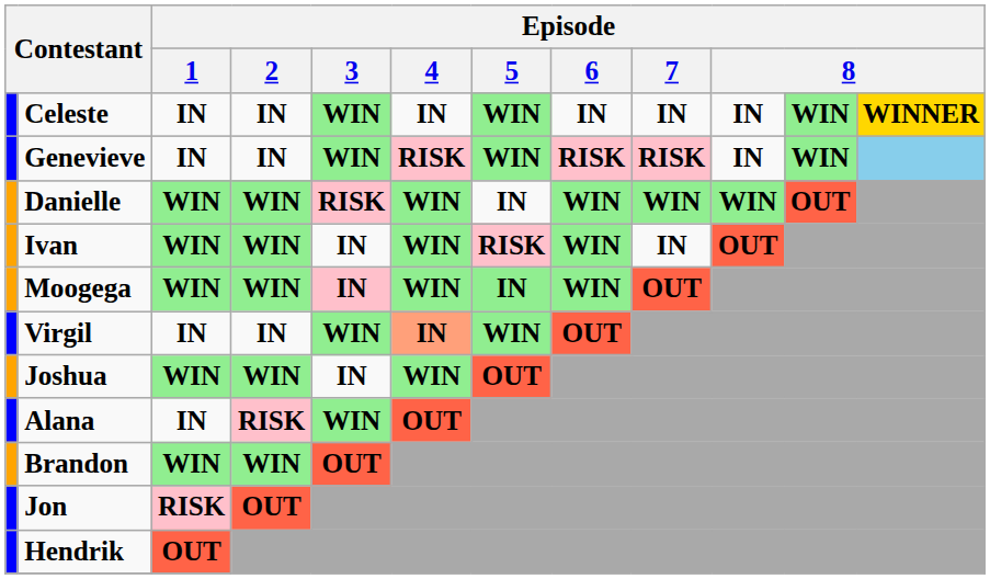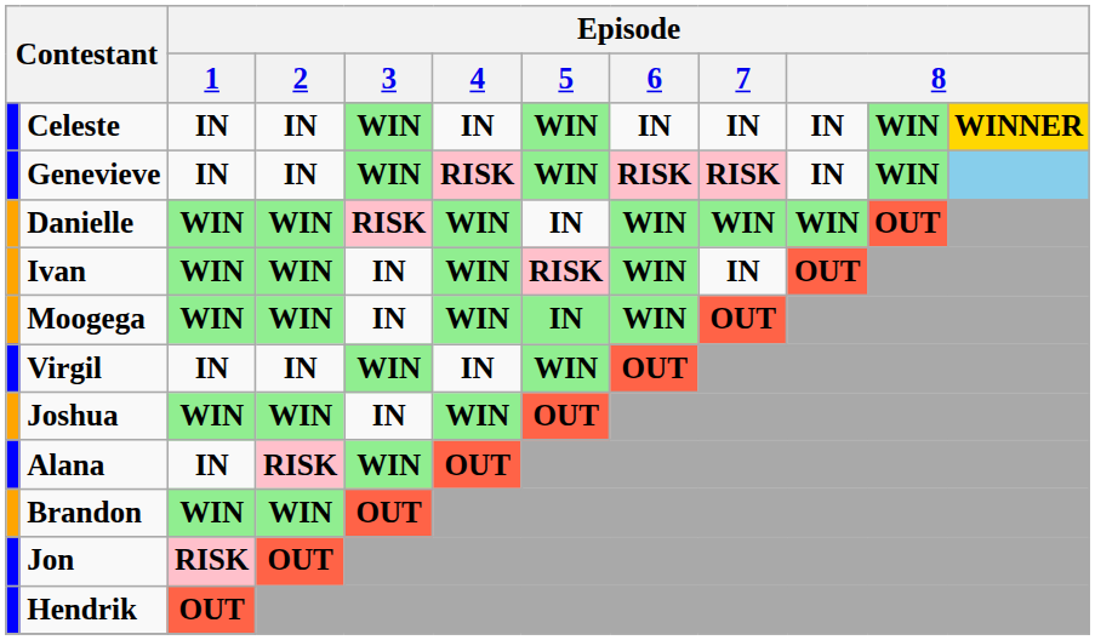 <table class="wikitable" style="text-align:center">
 <tr>
 <th rowspan=2 colspan=2>Contestant</th>
 <th colspan=11>Episode</th>
 </tr>
 <tr>
 <th colspan=1><a href='#'>1</a></th>
 <th><a href='#'>2</a></th>
 <th><a href='#'>3</a></th>
 <th><a href='#'>4</a></th>
 <th><a href='#'>5</a></th>
 <th><a href='#'>6</a></th>
 <th><a href='#'>7</a></th>
 <th colspan=3><a href='#'>8</a></th>
 </tr>
 <tr>
 <td style= "background:blue;"></td>
 <td align="left"><strong>Celeste</strong></td>
 <td><strong>IN</strong></td>
 <td><strong>IN</strong></td>
 <td style="background:lightgreen;"><strong>WIN</strong></td>
 <td><strong>IN</strong></td>
 <td style="background:lightgreen;"><strong>WIN</strong></td>
 <td><strong>IN</strong></td>
 <td><strong>IN</strong></td>
 <td><strong>IN</strong></td>
 <td style="background:lightgreen;"><strong>WIN</strong></td>
 <td style="background:gold;"><strong>WINNER</strong></td>
 </tr>
 <tr>
 <td style= "background:blue;"></td>
 <td align="left"><strong>Genevieve</strong></td>
 <td><strong>IN</strong></td>
 <td><strong>IN</strong></td>
 <td style="background:lightgreen;"><strong>WIN</strong></td>
 <td style="background:pink;"><strong>RISK</strong></td>
 <td style="background:lightgreen;"><strong>WIN</strong></td>
 <td style="background:pink;"><strong>RISK</strong></td>
 <td style="background:pink;"><strong>RISK</strong></td>
 <td><strong>IN</strong></td>
 <td style="background:lightgreen;"><strong>WIN</strong></td>
 <td style="background:skyblue;"></td>
 </tr>
 <tr>
 <td style= "background:orange;"></td>
 <td align="left"><strong>Danielle</strong></td>
 <td style="background:lightgreen;"><strong>WIN</strong></td>
 <td style="background:lightgreen;"><strong>WIN</strong></td>
 <td style="background:pink;"><strong>RISK</strong></td>
 <td style="background:lightgreen;"><strong>WIN</strong></td>
 <td><strong>IN</strong></td>
 <td style="background:lightgreen;"><strong>WIN</strong></td>
 <td style="background:lightgreen;"><strong>WIN</strong></td>
 <td style="background:lightgreen;"><strong>WIN</strong></td>
 <td style="background:tomato;"><strong>OUT</strong></td>
 <td style="background:darkgrey;"></td>
 </tr>
 <tr>
 <td style= "background:orange;"></td>
 <td align="left"><strong>Ivan</strong></td>
 <td style="background:lightgreen;"><strong>WIN</strong></td>
 <td style="background:lightgreen;"><strong>WIN</strong></td>
 <td><strong>IN</strong></td>
 <td style="background:lightgreen;"><strong>WIN</strong></td>
 <td style="background:pink;"><strong>RISK</strong></td>
 <td style="background:lightgreen;"><strong>WIN</strong></td>
 <td><strong>IN</strong></td>
 <td style="background:tomato;"><strong>OUT</strong></td>
 <td style="background:darkgrey;" colspan="2"></td>
 </tr>
 <tr>
 <td style= "background:orange;"></td>
 <td align="left"><strong>Moogega</strong></td>
 <td style="background:lightgreen;"><strong>WIN</strong></td>
 <td style="background:lightgreen;"><strong>WIN</strong></td>
-<td style="background: pink;"><strong>IN</strong></td>
+<td><strong>IN</strong></td>
 <td style="background:lightgreen;"><strong>WIN</strong></td>
 <td style="background: lightgreen;"><strong>IN</strong></td>
 <td style="background:lightgreen;"><strong>WIN</strong></td>
 <td style="background:tomato;"><strong>OUT</strong></td>
 <td style="background:darkgrey;" colspan="3"></td>
 </tr>
 <tr>
 <td style= "background:blue;"></td>
 <td align="left"><strong>Virgil</strong></td>
 <td><strong>IN</strong></td>
 <td><strong>IN</strong></td>
 <td style="background:lightgreen;"><strong>WIN</strong></td>
-<td style="background: lightsalmon;"><strong>IN</strong></td>
+<td><strong>IN</strong></td>
 <td style="background:lightgreen;"><strong>WIN</strong></td>
 <td style="background:tomato;"><strong>OUT</strong></td>
 <td style="background:darkgrey;" colspan="4"></td>
 </tr>
 <tr>
 <td style= "background:orange;"></td>
 <td align="left"><strong>Joshua</strong></td>
 <td style="background:lightgreen;"><strong>WIN</strong></td>
 <td style="background:lightgreen;"><strong>WIN</strong></td>
 <td><strong>IN</strong></td>
 <td style="background:lightgreen;"><strong>WIN</strong></td>
 <td style="background:tomato;"><strong>OUT</strong></td>
 <td style="background:darkgrey;" colspan="5"></td>
 </tr>
 <tr>
 <td style= "background:blue;"></td>
 <td align="left"><strong>Alana</strong></td>
 <td><strong>IN</strong></td>
 <td style="background:pink;"><strong>RISK</strong></td>
 <td style="background:lightgreen;"><strong>WIN</strong></td>
 <td style="background:tomato;"><strong>OUT</strong></td>
 <td style="background:darkgrey;" colspan="6"></td>
 </tr>
 <tr>
 <td style= "background:orange;"></td>
 <td align="left"><strong>Brandon</strong></td>
 <td style="background:lightgreen;"><strong>WIN</strong></td>
 <td style="background:lightgreen;"><strong>WIN</strong></td>
 <td style="background:tomato;"><strong>OUT</strong></td>
 <td style="background:darkgrey;" colspan="7"></td>
 </tr>
 <tr>
 <td style= "background:blue;"></td>
 <td align="left"><strong>Jon</strong></td>
 <td style="background:pink;"><strong>RISK</strong></td>
 <td style="background:tomato;"><strong>OUT</strong></td>
 <td style="background:darkgrey;" colspan="8"></td>
 </tr>
 <tr>
 <td style= "background:blue;"></td>
 <td align="left"><strong>Hеndrik</strong></td>
 <td style="background:tomato;"><strong>OUT</strong></td>
 <td style="background:darkgrey;" colspan="9"></td>
 </tr>
 <tr>
 </tr>
 </table>
